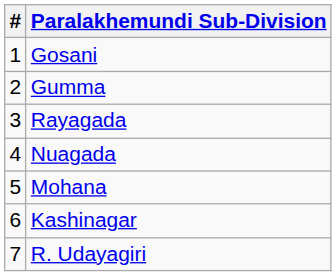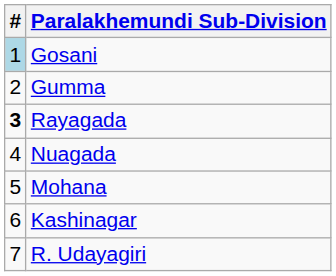 <table class="wikitable">
 <tr>
 <th>#</th>
 <th><a href='#'>Paralakhemundi Sub-Division</a></th>
 </tr>
 <tr>
-<td>1</td>
+<td style="background: lightblue;">1</td>
 <td><a href='#'>Gosani</a></td>
 </tr>
 <tr>
 <td>2</td>
 <td><a href='#'>Gumma</a></td>
 </tr>
 <tr>
-<td>3</td>
+<td><strong>3</strong></td>
 <td><a href='#'>Rayagada</a></td>
 </tr>
 <tr>
 <td>4</td>
 <td><a href='#'>Nuagada</a></td>
 </tr>
 <tr>
 <td>5</td>
 <td><a href='#'>Mohana</a></td>
 </tr>
 <tr>
 <td>6</td>
 <td><a href='#'>Kashinagar</a></td>
 </tr>
 <tr>
 <td>7</td>
 <td><a href='#'>R. Udayagiri</a></td>
 </tr>
 </table>
